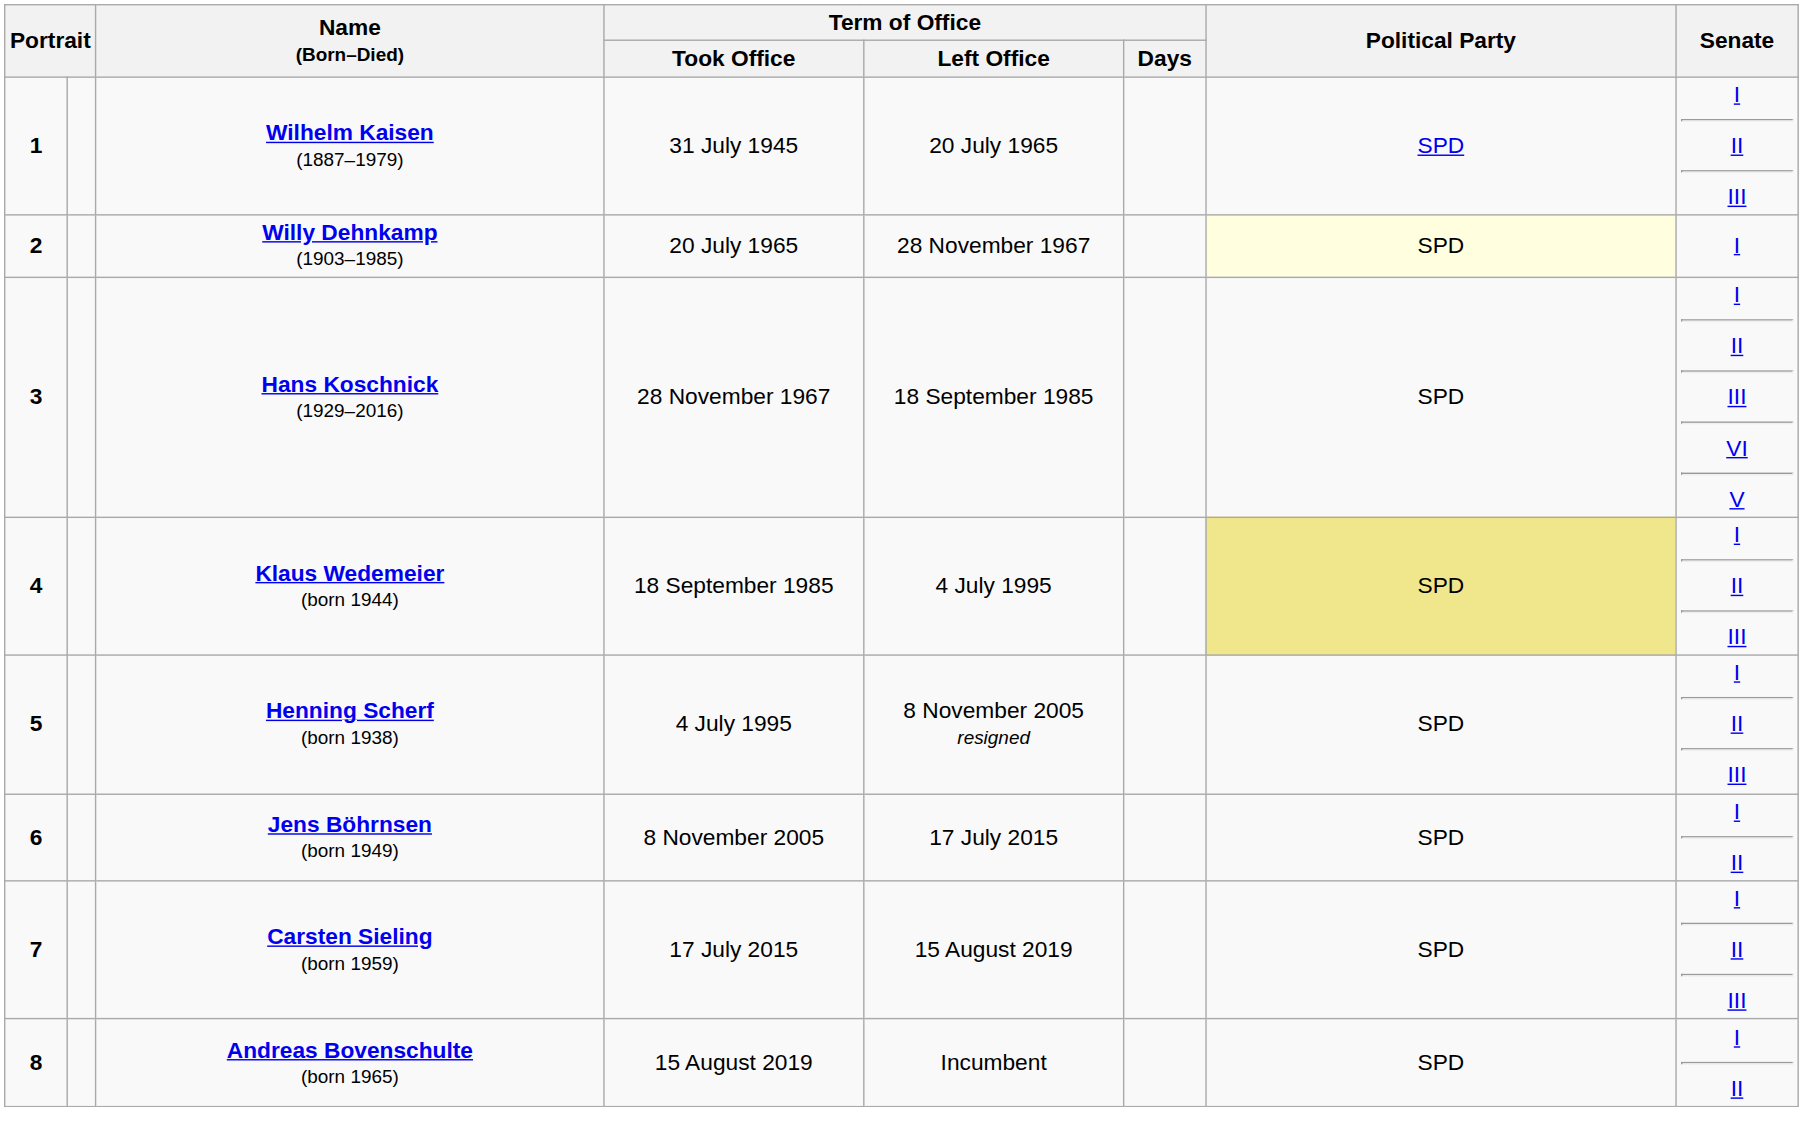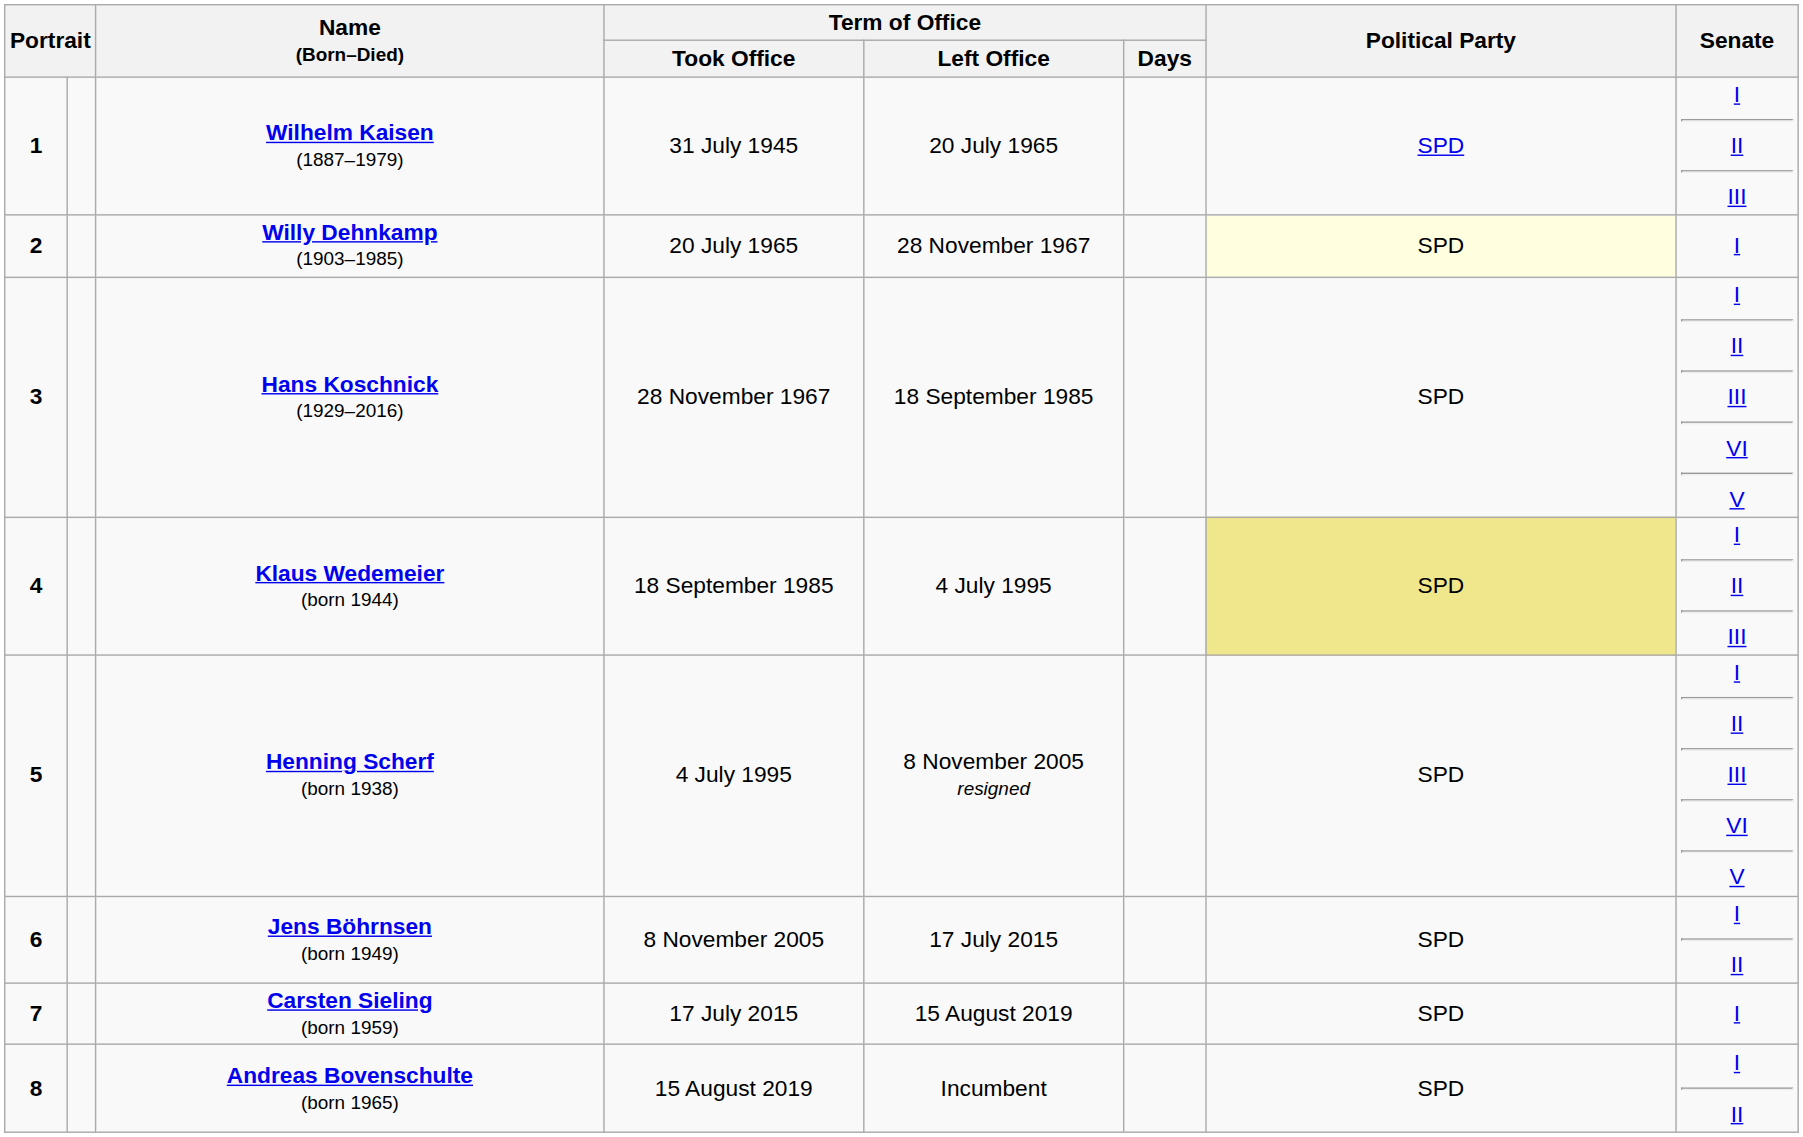 <table class="wikitable" style="text-align:center; width:100%; border:1px #AAAAFF solid">
 <tr>
 <th width=80px rowspan=2 colspan=2>Portrait</th>
 <th width=30% rowspan=2>Name<br><small>(Born–Died)</small></th>
 <th width=35% colspan=3>Term of Office</th>
 <th width=28% rowspan=2>Political Party</th>
 <th width=28% rowspan=2>Senate</th>
 </tr>
 <tr>
 <th>Took Office</th>
 <th>Left Office</th>
 <th>Days</th>
 </tr>
 <tr>
 <td style="background:"><strong>1</strong></td>
 <td></td>
 <td><strong><a href='#'>Wilhelm Kaisen</a></strong><br><small>(1887–1979)</small></td>
 <td>31 July 1945</td>
 <td>20 July 1965</td>
 <td></td>
 <td><a href='#'>SPD</a></td>
 <td><a href='#'>I</a><hr><a href='#'>II</a><hr><a href='#'>III</a></td>
 </tr>
 <tr>
 <td style="background:"><strong>2</strong></td>
 <td></td>
 <td><strong><a href='#'>Willy Dehnkamp</a></strong><br><small>(1903–1985)</small></td>
 <td>20 July 1965</td>
 <td>28 November 1967</td>
 <td></td>
 <td style="background: lightyellow;">SPD</td>
 <td><a href='#'>I</a></td>
 </tr>
 <tr>
 <td style="background:"><strong>3</strong></td>
 <td></td>
 <td><strong><a href='#'>Hans Koschnick</a></strong><br><small>(1929–2016)</small></td>
 <td>28 November 1967</td>
 <td>18 September 1985</td>
 <td></td>
 <td>SPD</td>
 <td><a href='#'>I</a><hr><a href='#'>II</a><hr><a href='#'>III</a><hr><a href='#'>VI</a><hr><a href='#'>V</a></td>
 </tr>
 <tr>
 <td style="background:"><strong>4</strong></td>
 <td></td>
 <td><strong><a href='#'>Klaus Wedemeier</a></strong><br><small>(born 1944)</small></td>
 <td>18 September 1985</td>
 <td>4 July 1995</td>
 <td></td>
 <td style="background: khaki;">SPD</td>
 <td><a href='#'>I</a><hr><a href='#'>II</a><hr><a href='#'>III</a></td>
 </tr>
 <tr>
 <td style="background:"><strong>5</strong></td>
 <td></td>
 <td><strong><a href='#'>Henning Scherf</a></strong><br><small>(born 1938)</small></td>
 <td>4 July 1995</td>
 <td>8 November 2005<br><small><em>resigned</em></small></td>
 <td></td>
 <td>SPD</td>
-<td><a href='#'>I</a><hr><a href='#'>II</a><hr><a href='#'>III</a></td>
+<td><a href='#'>I</a><hr><a href='#'>II</a><hr><a href='#'>III</a><hr><a href='#'>VI</a><hr><a href='#'>V</a></td>
 </tr>
 <tr>
 <td style="background:"><strong>6</strong></td>
 <td></td>
 <td><strong><a href='#'>Jens Böhrnsen</a></strong><br><small>(born 1949)</small></td>
 <td>8 November 2005</td>
 <td>17 July 2015</td>
 <td></td>
 <td>SPD</td>
 <td><a href='#'>I</a><hr><a href='#'>II</a></td>
 </tr>
 <tr>
 <td style="background:"><strong>7</strong></td>
 <td></td>
 <td><strong><a href='#'>Carsten Sieling</a></strong><br><small>(born 1959)</small></td>
 <td>17 July 2015</td>
 <td>15 August 2019</td>
 <td></td>
 <td>SPD</td>
-<td><a href='#'>I</a><hr><a href='#'>II</a><hr><a href='#'>III</a></td>
+<td><a href='#'>I</a></td>
 </tr>
 <tr>
 <td style="background:"><strong>8</strong></td>
 <td></td>
 <td><strong><a href='#'>Andreas Bovenschulte</a></strong><br><small>(born 1965)</small></td>
 <td>15 August 2019</td>
 <td>Incumbent</td>
 <td></td>
 <td>SPD</td>
 <td><a href='#'>I</a><hr><a href='#'>II</a></td>
 </tr>
 </table>
